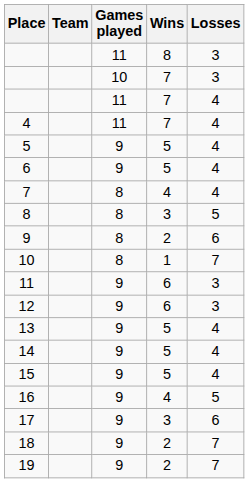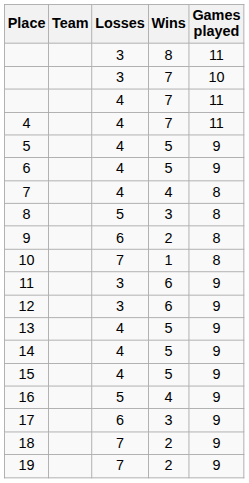 <table class="wikitable" style="text-align:center;">
 <tr>
 <th>Place</th>
 <th>Team</th>
+<th>Losses</th>
+<th>Wins</th>
 <th>Games<br>played</th>
-<th>Wins</th>
-<th>Losses</th>
 </tr>
 <tr>
 <td></td>
 <td align=left></td>
+<td>3</td>
+<td>8</td>
 <td>11</td>
-<td>8</td>
-<td>3</td>
 </tr>
 <tr>
 <td></td>
 <td align=left></td>
+<td>3</td>
+<td>7</td>
 <td>10</td>
-<td>7</td>
-<td>3</td>
 </tr>
 <tr>
 <td></td>
 <td align=left></td>
+<td>4</td>
+<td>7</td>
 <td>11</td>
-<td>7</td>
-<td>4</td>
 </tr>
 <tr>
 <td>4</td>
 <td align=left></td>
+<td>4</td>
+<td>7</td>
 <td>11</td>
-<td>7</td>
-<td>4</td>
 </tr>
 <tr>
 <td>5</td>
 <td align=left></td>
+<td>4</td>
+<td>5</td>
 <td>9</td>
-<td>5</td>
-<td>4</td>
 </tr>
 <tr>
 <td>6</td>
 <td align=left></td>
+<td>4</td>
+<td>5</td>
 <td>9</td>
-<td>5</td>
-<td>4</td>
 </tr>
 <tr>
 <td>7</td>
 <td align=left></td>
-<td>8</td>
 <td>4</td>
 <td>4</td>
+<td>8</td>
 </tr>
 <tr>
 <td>8</td>
 <td align=left></td>
+<td>5</td>
+<td>3</td>
 <td>8</td>
-<td>3</td>
-<td>5</td>
 </tr>
 <tr>
 <td>9</td>
 <td align=left></td>
+<td>6</td>
+<td>2</td>
 <td>8</td>
-<td>2</td>
-<td>6</td>
 </tr>
 <tr>
 <td>10</td>
 <td align=left></td>
+<td>7</td>
+<td>1</td>
 <td>8</td>
-<td>1</td>
-<td>7</td>
 </tr>
 <tr>
 <td>11</td>
 <td align=left></td>
+<td>3</td>
+<td>6</td>
 <td>9</td>
-<td>6</td>
-<td>3</td>
 </tr>
 <tr>
 <td>12</td>
 <td align=left></td>
+<td>3</td>
+<td>6</td>
 <td>9</td>
-<td>6</td>
-<td>3</td>
 </tr>
 <tr>
 <td>13</td>
 <td align=left></td>
+<td>4</td>
+<td>5</td>
 <td>9</td>
-<td>5</td>
-<td>4</td>
 </tr>
 <tr>
 <td>14</td>
 <td align=left></td>
+<td>4</td>
+<td>5</td>
 <td>9</td>
-<td>5</td>
-<td>4</td>
 </tr>
 <tr>
 <td>15</td>
 <td align=left></td>
+<td>4</td>
+<td>5</td>
 <td>9</td>
-<td>5</td>
-<td>4</td>
 </tr>
 <tr>
 <td>16</td>
 <td align=left></td>
+<td>5</td>
+<td>4</td>
 <td>9</td>
-<td>4</td>
-<td>5</td>
 </tr>
 <tr>
 <td>17</td>
 <td align=left></td>
+<td>6</td>
+<td>3</td>
 <td>9</td>
-<td>3</td>
-<td>6</td>
 </tr>
 <tr>
 <td>18</td>
 <td align=left></td>
+<td>7</td>
+<td>2</td>
 <td>9</td>
-<td>2</td>
-<td>7</td>
 </tr>
 <tr>
 <td>19</td>
 <td align=left></td>
+<td>7</td>
+<td>2</td>
 <td>9</td>
-<td>2</td>
-<td>7</td>
 </tr>
 </table>
